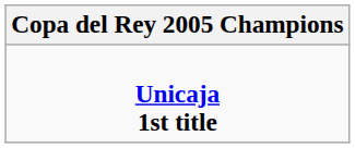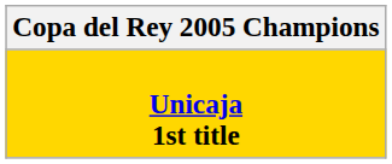 <table class=wikitable style="text-align:center; margin:auto">
 <tr>
 <th>Copa del Rey 2005 Champions</th>
 </tr>
 <tr>
-<td><br> <strong><a href='#'>Unicaja</a></strong> <br> <strong>1st title</strong></td>
+<td style="background: gold;"><br> <strong><a href='#'>Unicaja</a></strong> <br> <strong>1st title</strong></td>
 </tr>
 </table>
